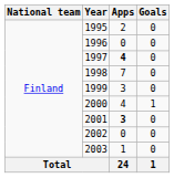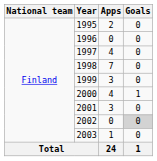 <table class="wikitable" style="text-align:center">
 <tr>
 <th>National team</th>
 <th>Year</th>
 <th>Apps</th>
 <th>Goals</th>
 </tr>
 <tr>
 <td rowspan="9"><a href='#'>Finland</a></td>
 <td>1995</td>
 <td>2</td>
 <td>0</td>
 </tr>
 <tr>
 <td>1996</td>
 <td>0</td>
 <td>0</td>
 </tr>
 <tr>
 <td>1997</td>
-<td><strong>4</strong></td>
+<td>4</td>
 <td>0</td>
 </tr>
 <tr>
 <td>1998</td>
 <td>7</td>
 <td>0</td>
 </tr>
 <tr>
 <td>1999</td>
 <td>3</td>
 <td>0</td>
 </tr>
 <tr>
 <td>2000</td>
 <td>4</td>
 <td>1</td>
 </tr>
 <tr>
 <td>2001</td>
-<td><strong>3</strong></td>
+<td>3</td>
 <td>0</td>
 </tr>
 <tr>
 <td>2002</td>
 <td>0</td>
-<td>0</td>
+<td style="background: lightgrey;">0</td>
 </tr>
 <tr>
 <td>2003</td>
 <td>1</td>
 <td>0</td>
 </tr>
 <tr>
 <th colspan="2">Total</th>
 <th>24</th>
 <th>1</th>
 </tr>
 </table>
